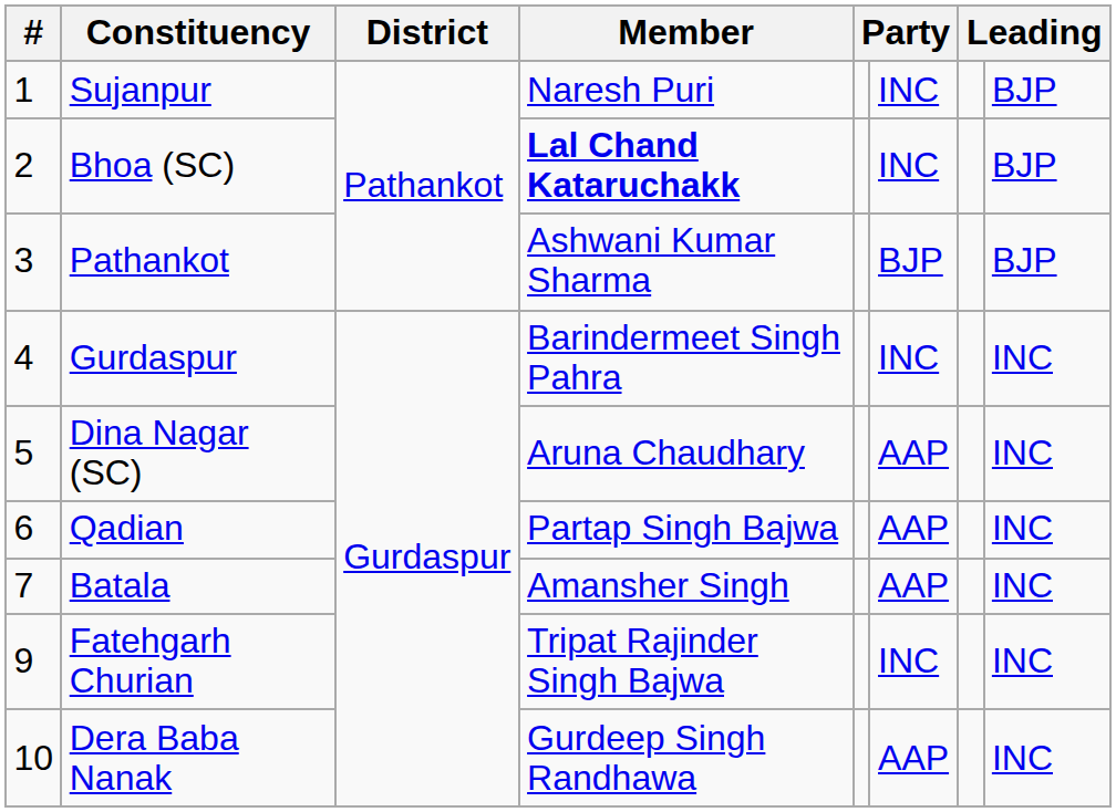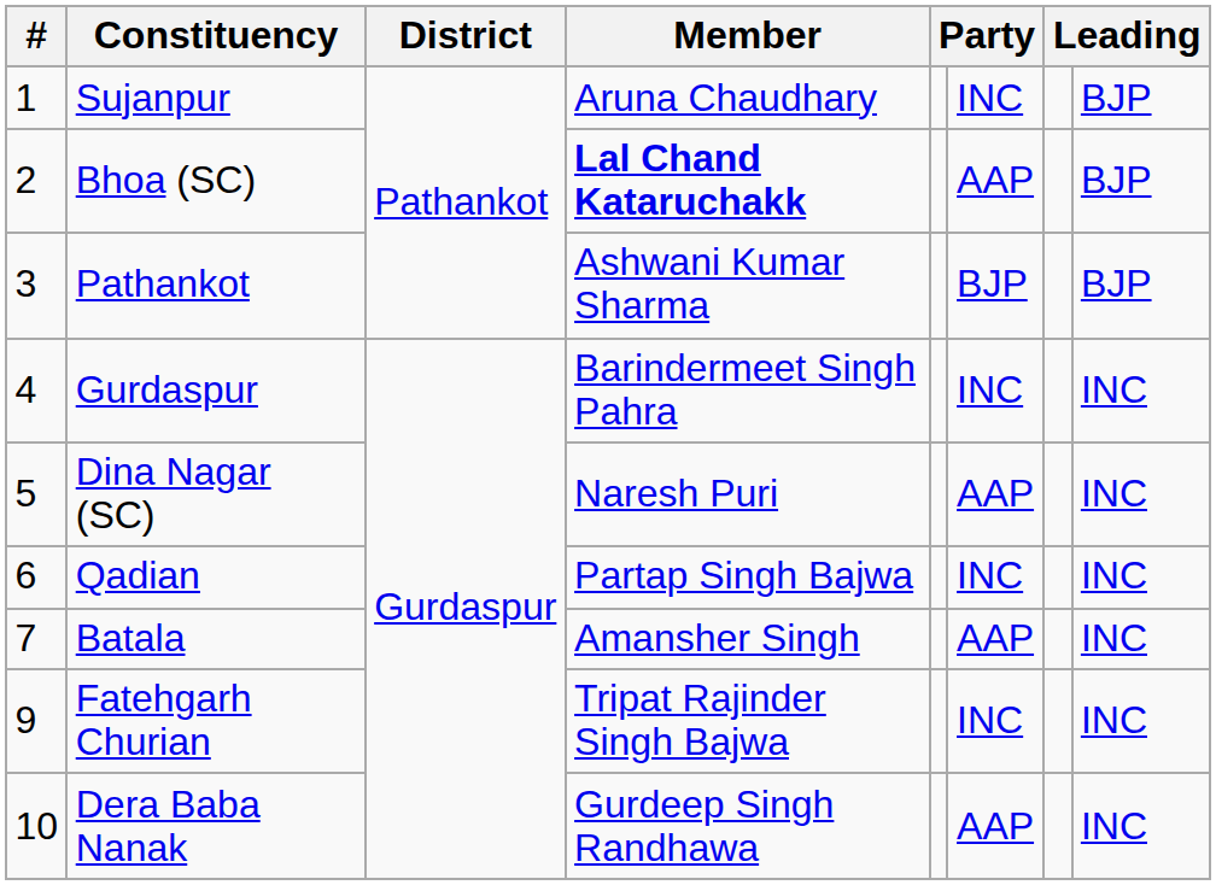 <table class="wikitable" width="500px">
 <tr>
 <th>#</th>
 <th>Constituency</th>
 <th>District</th>
 <th>Member</th>
 <th colspan="2">Party</th>
 <th colspan="2">Leading<br></th>
 </tr>
 <tr>
 <td>1</td>
 <td><a href='#'>Sujanpur</a></td>
 <td rowspan="3"><a href='#'>Pathankot</a></td>
-<td><a href='#'>Naresh Puri</a></td>
+<td><a href='#'>Aruna Chaudhary</a></td>
 <td style="background-color: "></td>
 <td><a href='#'>INC</a></td>
 <td style="background-color:"></td>
 <td><a href='#'>BJP</a></td>
 </tr>
 <tr>
 <td>2</td>
 <td><a href='#'>Bhoa</a> (SC)</td>
 <td><strong><a href='#'>Lal Chand Kataruchakk</a></strong></td>
 <td style="background-color: "></td>
-<td><a href='#'>INC</a></td>
+<td><a href='#'>AAP</a></td>
 <td style="background-color:"></td>
 <td><a href='#'>BJP</a></td>
 </tr>
 <tr>
 <td>3</td>
 <td><a href='#'>Pathankot</a></td>
 <td><a href='#'>Ashwani Kumar Sharma</a></td>
 <td style="background-color: "></td>
 <td><a href='#'>BJP</a></td>
 <td style="background-color:"></td>
 <td><a href='#'>BJP</a></td>
 </tr>
 <tr>
 <td>4</td>
 <td><a href='#'>Gurdaspur</a></td>
 <td rowspan="6"><a href='#'>Gurdaspur</a></td>
 <td><a href='#'>Barindermeet Singh Pahra</a></td>
 <td style="background-color: "></td>
 <td><a href='#'>INC</a></td>
 <td style="background-color:"></td>
 <td><a href='#'>INC</a></td>
 </tr>
 <tr>
 <td>5</td>
 <td><a href='#'>Dina Nagar</a> (SC)</td>
-<td><a href='#'>Aruna Chaudhary</a></td>
+<td><a href='#'>Naresh Puri</a></td>
 <td style="background-color: "></td>
 <td><a href='#'>AAP</a></td>
 <td style="background-color:"></td>
 <td><a href='#'>INC</a></td>
 </tr>
 <tr>
 <td>6</td>
 <td><a href='#'>Qadian</a></td>
 <td><a href='#'>Partap Singh Bajwa</a></td>
 <td style="background-color: "></td>
-<td><a href='#'>AAP</a></td>
+<td><a href='#'>INC</a></td>
 <td style="background-color:"></td>
 <td><a href='#'>INC</a></td>
 </tr>
 <tr>
 <td>7</td>
 <td><a href='#'>Batala</a></td>
 <td><a href='#'>Amansher Singh</a></td>
 <td style="background-color: "></td>
 <td><a href='#'>AAP</a></td>
 <td style="background-color:"></td>
 <td><a href='#'>INC</a></td>
 </tr>
 <tr>
 <td>9</td>
 <td><a href='#'>Fatehgarh Churian</a></td>
 <td><a href='#'>Tripat Rajinder Singh Bajwa</a></td>
 <td style="background-color: "></td>
 <td><a href='#'>INC</a></td>
 <td style="background-color:"></td>
 <td><a href='#'>INC</a></td>
 </tr>
 <tr>
 <td>10</td>
 <td><a href='#'>Dera Baba Nanak</a></td>
 <td><a href='#'>Gurdeep Singh Randhawa</a></td>
 <td style="background-color: "></td>
 <td><a href='#'>AAP</a></td>
 <td style="background-color:"></td>
 <td><a href='#'>INC</a></td>
 </tr>
 </table>
